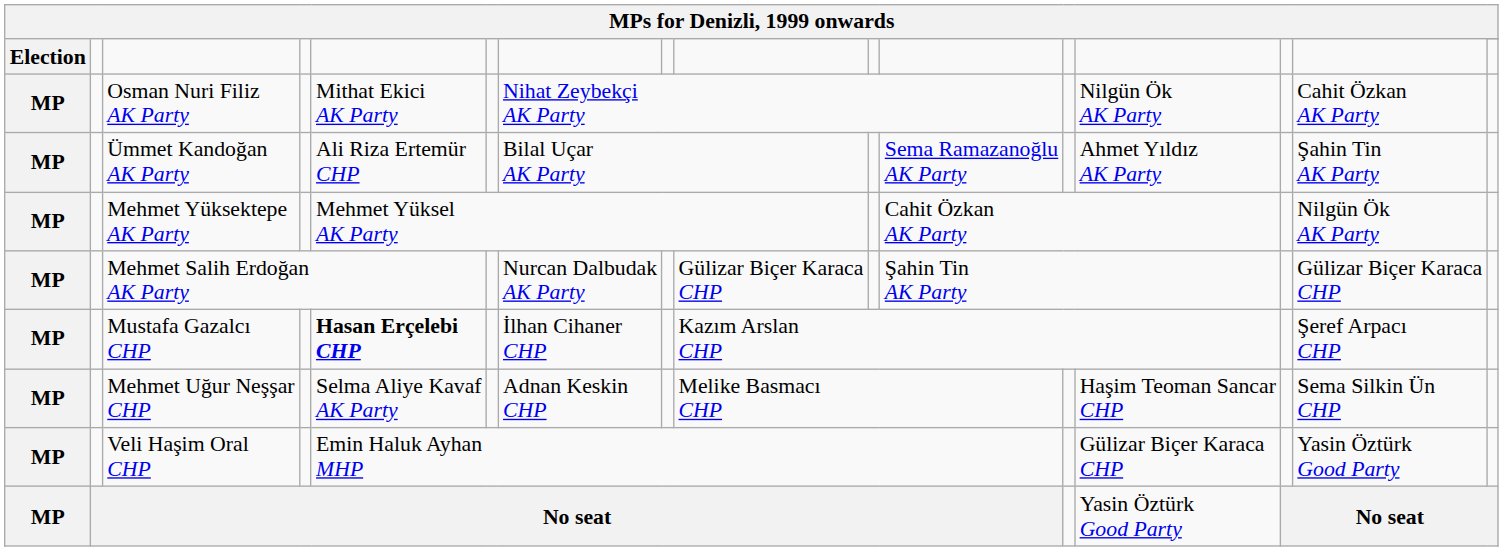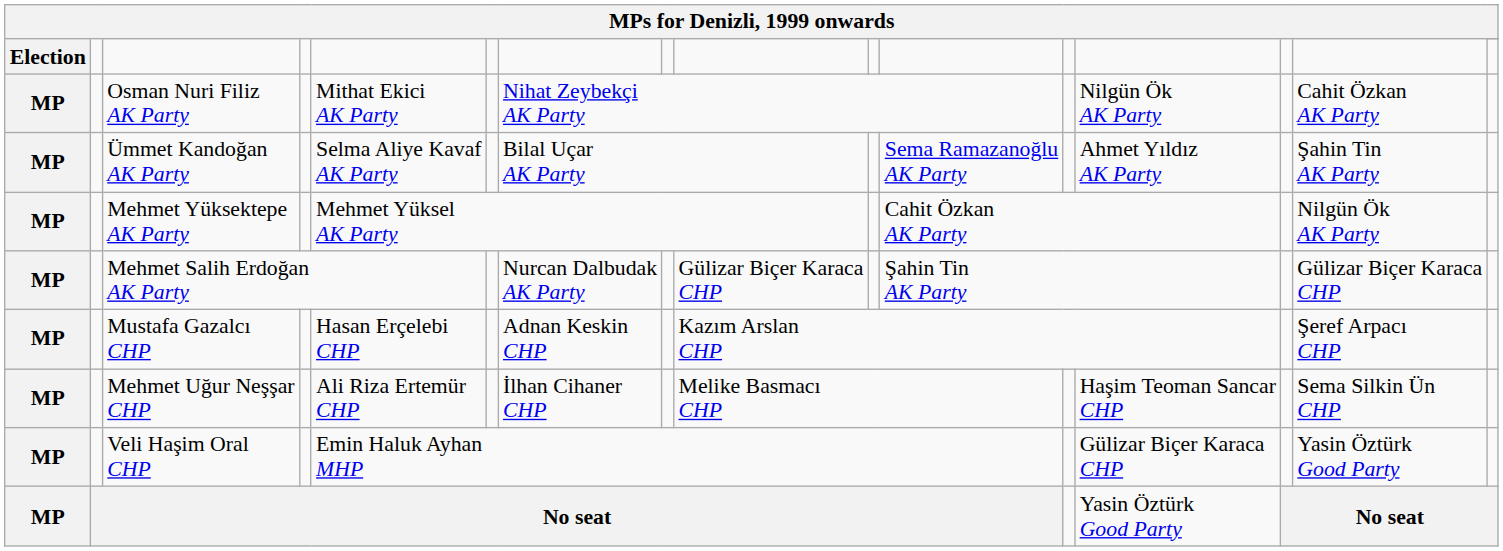 <table class="wikitable">
 <tr>
 <th colspan = 16>MPs for Denizli, 1999 onwards</th>
 </tr>
 <tr>
 <th rowspan = 2>Election</th>
 <td rowspan="2" style="width:1px;"></td>
 <td rowspan = 2></td>
 <td rowspan="2" style="width:1px;"></td>
 <td rowspan = 2></td>
 <td rowspan="2" style="width:1px;"></td>
 <td rowspan = 2></td>
 <td rowspan="2" style="width:1px;"></td>
 <td rowspan = 2></td>
 <td rowspan="2" style="width:1px;"></td>
 <td rowspan = 2></td>
 <td rowspan="2" style="width:1px;"></td>
 <td rowspan = 2></td>
 <td rowspan="2" style="width:1px;"></td>
 <td rowspan = 2></td>
 </tr>
 <tr>
 <td></td>
 </tr>
 <tr>
 <th>MP</th>
 <td width=1px style="background-color: "></td>
 <td colspan = 1>Osman Nuri Filiz<br><em><a href='#'>AK Party</a></em></td>
 <td width=1px style="background-color: "></td>
 <td colspan = 1>Mithat Ekici<br><em><a href='#'>AK Party</a></em></td>
 <td width=1px style="background-color: "></td>
 <td colspan = 5><a href='#'>Nihat Zeybekçi</a><br><em><a href='#'>AK Party</a></em></td>
 <td width=1px style="background-color: "></td>
 <td colspan = 1>Nilgün Ök<br><em><a href='#'>AK Party</a></em></td>
 <td width=1px style="background-color: "></td>
 <td colspan = 1>Cahit Özkan<br><em><a href='#'>AK Party</a></em></td>
 <td width=1px style="background-color: "></td>
 </tr>
 <tr>
 <th>MP</th>
 <td width=1px style="background-color: "></td>
 <td colspan = 1>Ümmet Kandoğan<br><em><a href='#'>AK Party</a></em></td>
 <td width=1px style="background-color: "></td>
-<td colspan = 1>Ali Riza Ertemür<br><em><a href='#'>CHP</a></em></td>
+<td colspan = 1>Selma Aliye Kavaf<br><em><a href='#'>AK Party</a></em></td>
 <td width=1px style="background-color: "></td>
 <td colspan = 3>Bilal Uçar<br><em><a href='#'>AK Party</a></em></td>
 <td width=1px style="background-color: "></td>
 <td colspan = 1><a href='#'>Sema Ramazanoğlu</a><br><em><a href='#'>AK Party</a></em></td>
 <td width=1px style="background-color: "></td>
 <td colspan = 1>Ahmet Yıldız<br><em><a href='#'>AK Party</a></em></td>
 <td width=1px style="background-color: "></td>
 <td colspan = 1>Şahin Tin<br><em><a href='#'>AK Party</a></em></td>
 <td width=1px style="background-color: "></td>
 </tr>
 <tr>
 <th>MP</th>
 <td width=1px style="background-color: "></td>
 <td colspan = 1>Mehmet Yüksektepe<br><em><a href='#'>AK Party</a></em></td>
 <td width=1px style="background-color: "></td>
 <td colspan = 5>Mehmet Yüksel<br><em><a href='#'>AK Party</a></em></td>
 <td width=1px style="background-color: "></td>
 <td colspan = 3>Cahit Özkan<br><em><a href='#'>AK Party</a></em></td>
 <td width=1px style="background-color: "></td>
 <td colspan = 1>Nilgün Ök<br><em><a href='#'>AK Party</a></em></td>
 <td width=1px style="background-color: "></td>
 </tr>
 <tr>
 <th>MP</th>
 <td width=1px style="background-color: "></td>
 <td colspan = 3>Mehmet Salih Erdoğan<br><em><a href='#'>AK Party</a></em></td>
 <td width=1px style="background-color: "></td>
 <td colspan = 1>Nurcan Dalbudak<br><em><a href='#'>AK Party</a></em></td>
 <td width=1px style="background-color: "></td>
 <td colspan = 1>Gülizar Biçer Karaca<br><em><a href='#'>CHP</a></em></td>
 <td width=1px style="background-color: "></td>
 <td colspan = 3>Şahin Tin<br><em><a href='#'>AK Party</a></em></td>
 <td width=1px style="background-color: "></td>
 <td colspan = 1>Gülizar Biçer Karaca<br><em><a href='#'>CHP</a></em></td>
 <td width=1px style="background-color: "></td>
 </tr>
 <tr>
 <th>MP</th>
 <td width=1px style="background-color: "></td>
 <td colspan = 1>Mustafa Gazalcı<br><em><a href='#'>CHP</a></em></td>
 <td width=1px style="background-color: "></td>
-<td colspan = 1><strong>Hasan Erçelebi<br><em><a href='#'>CHP</a></em></strong></td>
+<td colspan = 1>Hasan Erçelebi<br><em><a href='#'>CHP</a></em></td>
 <td width=1px style="background-color: "></td>
-<td colspan = 1>İlhan Cihaner<br><em><a href='#'>CHP</a></em></td>
+<td colspan = 1>Adnan Keskin<br><em><a href='#'>CHP</a></em></td>
 <td width=1px style="background-color: "></td>
 <td colspan = 5>Kazım Arslan<br><em><a href='#'>CHP</a></em></td>
 <td width=1px style="background-color: "></td>
 <td colspan = 1>Şeref Arpacı<br><em><a href='#'>CHP</a></em></td>
 <td width=1px style="background-color: "></td>
 </tr>
 <tr>
 <th>MP</th>
 <td width=1px style="background-color: "></td>
 <td colspan = 1>Mehmet Uğur Neşşar<br><em><a href='#'>CHP</a></em></td>
 <td width=1px style="background-color: "></td>
-<td colspan = 1>Selma Aliye Kavaf<br><em><a href='#'>AK Party</a></em></td>
+<td colspan = 1>Ali Riza Ertemür<br><em><a href='#'>CHP</a></em></td>
 <td width=1px style="background-color: "></td>
-<td colspan = 1>Adnan Keskin<br><em><a href='#'>CHP</a></em></td>
+<td colspan = 1>İlhan Cihaner<br><em><a href='#'>CHP</a></em></td>
 <td width=1px style="background-color: "></td>
 <td colspan = 3>Melike Basmacı<br><em><a href='#'>CHP</a></em></td>
 <td width=1px style="background-color: "></td>
 <td colspan = 1>Haşim Teoman Sancar<br><em><a href='#'>CHP</a></em></td>
 <td width=1px style="background-color: "></td>
 <td colspan = 1>Sema Silkin Ün<br><em><a href='#'>CHP</a></em></td>
 <td width=1px style="background-color: "></td>
 </tr>
 <tr>
 <th>MP</th>
 <td width=1px style="background-color: "></td>
 <td colspan = 1>Veli Haşim Oral<br><em><a href='#'>CHP</a></em></td>
 <td width=1px style="background-color: "></td>
 <td colspan = 7>Emin Haluk Ayhan<br><em><a href='#'>MHP</a></em></td>
 <td width=1px style="background-color: "></td>
 <td colspan = 1>Gülizar Biçer Karaca<br><em><a href='#'>CHP</a></em></td>
 <td width=1px style="background-color: "></td>
 <td colspan = 1>Yasin Öztürk<br><em><a href='#'>Good Party</a></em></td>
 <td width=1px style="background-color: "></td>
 </tr>
 <tr>
 <th>MP</th>
 <th colspan = 10>No seat</th>
 <td width=1px style="background-color:"></td>
 <td colspan = 1>Yasin Öztürk<br><em><a href='#'>Good Party</a></em></td>
 <th colspan = 3>No seat</th>
 </tr>
 </table>
